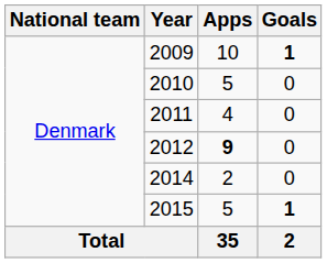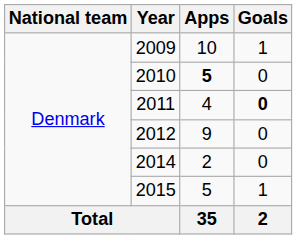 <table class=wikitable style=text-align:center>
 <tr>
 <th>National team</th>
 <th>Year</th>
 <th>Apps</th>
 <th>Goals</th>
 </tr>
 <tr>
 <td rowspan=6><a href='#'>Denmark</a></td>
 <td>2009</td>
 <td>10</td>
-<td><strong>1</strong></td>
+<td>1</td>
 </tr>
 <tr>
 <td>2010</td>
-<td>5</td>
+<td><strong>5</strong></td>
 <td>0</td>
 </tr>
 <tr>
 <td>2011</td>
 <td>4</td>
-<td>0</td>
+<td><strong>0</strong></td>
 </tr>
 <tr>
 <td>2012</td>
-<td><strong>9</strong></td>
+<td>9</td>
 <td>0</td>
 </tr>
 <tr>
 <td>2014</td>
 <td>2</td>
 <td>0</td>
 </tr>
 <tr>
 <td>2015</td>
 <td>5</td>
-<td><strong>1</strong></td>
+<td>1</td>
 </tr>
 <tr>
 <th colspan=2>Total</th>
 <th>35</th>
 <th>2</th>
 </tr>
 </table>
